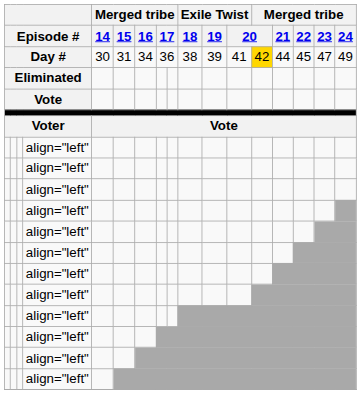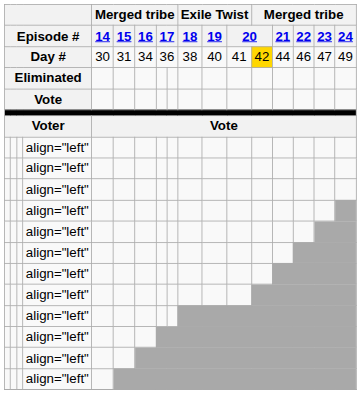 <table class="wikitable nowrap" style="text-align:center;">
 <tr>
 <th colspan="4"></th>
 <th colspan="5">Merged tribe</th>
 <th colspan="3">Exile Twist</th>
 <th colspan="5">Merged tribe</th>
 </tr>
 <tr>
 <th colspan="4">Episode #</th>
 <th><a href='#'>14</a></th>
 <th><a href='#'>15</a></th>
 <th><a href='#'>16</a></th>
 <th colspan="2"><a href='#'>17</a></th>
 <th><a href='#'>18</a></th>
 <th><a href='#'>19</a></th>
 <th colspan=2><a href='#'>20</a></th>
 <th><a href='#'>21</a></th>
 <th><a href='#'>22</a></th>
 <th><a href='#'>23</a></th>
 <th><a href='#'>24</a></th>
 </tr>
 <tr>
 <th colspan="4">Day #</th>
 <td>30</td>
 <td>31</td>
 <td>34</td>
 <td colspan=2>36</td>
 <td>38</td>
-<td>39</td>
+<td>40</td>
 <td>41</td>
 <td style="background: gold;">42</td>
 <td>44</td>
-<td>45</td>
+<td>46</td>
 <td>47</td>
 <td>49</td>
 </tr>
 <tr>
 <th colspan="4">Eliminated</th>
 <td></td>
 <td></td>
 <td></td>
 <td></td>
 <td></td>
 <td></td>
 <td></td>
 <td></td>
 <td></td>
 <td></td>
 <td></td>
 <td></td>
 <td></td>
 </tr>
 <tr>
 <th colspan="4">Vote</th>
 <td></td>
 <td></td>
 <td></td>
 <td></td>
 <td></td>
 <td></td>
 <td></td>
 <td></td>
 <td></td>
 <td></td>
 <td></td>
 <td></td>
 <td></td>
 </tr>
 <tr>
 <td colspan="19" bgcolor="black"></td>
 </tr>
 <tr>
 <th colspan="4">Voter</th>
 <th colspan="15" align="center">Vote</th>
 </tr>
 <tr>
 <td></td>
 <td></td>
 <td></td>
 <td>align="left" </td>
 <td></td>
 <td></td>
 <td></td>
 <td></td>
 <td></td>
 <td></td>
 <td></td>
 <td></td>
 <td></td>
 <td></td>
 <td></td>
 <td></td>
 <td></td>
 </tr>
 <tr>
 <td></td>
 <td></td>
 <td></td>
 <td>align="left" </td>
 <td></td>
 <td></td>
 <td></td>
 <td></td>
 <td></td>
 <td></td>
 <td></td>
 <td></td>
 <td></td>
 <td></td>
 <td></td>
 <td></td>
 <td></td>
 </tr>
 <tr>
 <td></td>
 <td></td>
 <td></td>
 <td>align="left" </td>
 <td></td>
 <td></td>
 <td></td>
 <td></td>
 <td></td>
 <td></td>
 <td></td>
 <td></td>
 <td></td>
 <td></td>
 <td></td>
 <td></td>
 <td></td>
 </tr>
 <tr>
 <td></td>
 <td></td>
 <td></td>
 <td>align="left" </td>
 <td></td>
 <td></td>
 <td></td>
 <td></td>
 <td></td>
 <td></td>
 <td></td>
 <td></td>
 <td></td>
 <td></td>
 <td></td>
 <td></td>
 <td colspan="3" style="background:darkgrey;"></td>
 </tr>
 <tr>
 <td></td>
 <td></td>
 <td></td>
 <td>align="left" </td>
 <td></td>
 <td></td>
 <td></td>
 <td></td>
 <td></td>
 <td></td>
 <td></td>
 <td></td>
 <td></td>
 <td></td>
 <td></td>
 <td colspan="3" style="background:darkgrey;"></td>
 </tr>
 <tr>
 <td></td>
 <td></td>
 <td></td>
 <td>align="left" </td>
 <td></td>
 <td></td>
 <td></td>
 <td></td>
 <td></td>
 <td></td>
 <td></td>
 <td></td>
 <td></td>
 <td></td>
 <td colspan="3" style="background:darkgrey;"></td>
 </tr>
 <tr>
 <td></td>
 <td></td>
 <td></td>
 <td>align="left" </td>
 <td></td>
 <td></td>
 <td></td>
 <td></td>
 <td></td>
 <td></td>
 <td></td>
 <td></td>
 <td></td>
 <td colspan="4" style="background:darkgrey;"></td>
 </tr>
 <tr>
 <td></td>
 <td></td>
 <td></td>
 <td>align="left" </td>
 <td></td>
 <td></td>
 <td></td>
 <td></td>
 <td></td>
 <td></td>
 <td></td>
 <td></td>
 <td colspan="5" style="background:darkgrey;"></td>
 </tr>
 <tr>
 <td></td>
 <td></td>
 <td></td>
 <td>align="left" </td>
 <td></td>
 <td></td>
 <td></td>
 <td></td>
 <td></td>
 <td colspan="8" style="background:darkgrey;"></td>
 </tr>
 <tr>
 <td></td>
 <td></td>
 <td></td>
 <td>align="left" </td>
 <td></td>
 <td></td>
 <td></td>
 <td colspan="10" style="background:darkgrey;"></td>
 </tr>
 <tr>
 <td></td>
 <td></td>
 <td></td>
 <td>align="left" </td>
 <td></td>
 <td></td>
 <td colspan="11" style="background:darkgrey;"></td>
 </tr>
 <tr>
 <td></td>
 <td></td>
 <td></td>
 <td>align="left" </td>
 <td></td>
 <td colspan="12" style="background:darkgrey;"></td>
 </tr>
 <tr>
 </tr>
 </table>
